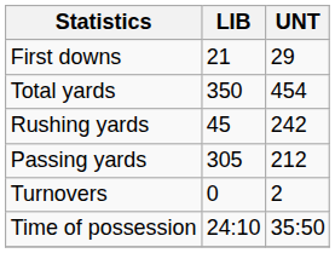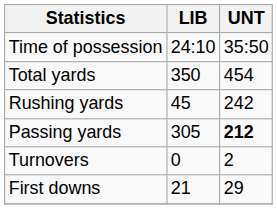 <table class="wikitable">
 <tr>
 <th>Statistics</th>
 <th>LIB</th>
 <th>UNT</th>
 </tr>
 <tr>
-<td>First downs</td>
-<td>21</td>
-<td>29</td>
+<td>Time of possession</td>
+<td>24:10</td>
+<td>35:50</td>
 </tr>
 <tr>
 <td>Total yards</td>
 <td>350</td>
 <td>454</td>
 </tr>
 <tr>
 <td>Rushing yards</td>
 <td>45</td>
 <td>242</td>
 </tr>
 <tr>
 <td>Passing yards</td>
 <td>305</td>
-<td>212</td>
+<td><strong>212</strong></td>
 </tr>
 <tr>
 <td>Turnovers</td>
 <td>0</td>
 <td>2</td>
 </tr>
 <tr>
-<td>Time of possession</td>
-<td>24:10</td>
-<td>35:50</td>
+<td>First downs</td>
+<td>21</td>
+<td>29</td>
 </tr>
 <tr>
 </tr>
 </table>
